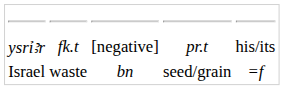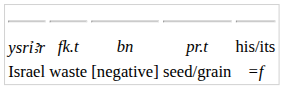 <table style="background:white; border:lightgrey 1px solid; pading:0.5em; text-align:center;">
 <tr>
 <td></td>
 <td></td>
 <td></td>
 <td></td>
 <td></td>
 </tr>
 <tr>
 <td><hr></td>
 <td><hr></td>
 <td><hr></td>
 <td><hr></td>
 <td><hr></td>
 </tr>
 <tr>
 <td><em>ysrỉꜣr</em></td>
 <td><em>fk.t</em></td>
-<td>[negative]</td>
+<td><em>bn</em></td>
 <td><em>pr.t</em></td>
 <td>his/its</td>
 </tr>
 <tr>
 <td>Israel</td>
 <td>waste</td>
-<td><em>bn</em></td>
+<td>[negative]</td>
 <td>seed/grain</td>
 <td><em>=f</em></td>
 </tr>
 </table>
